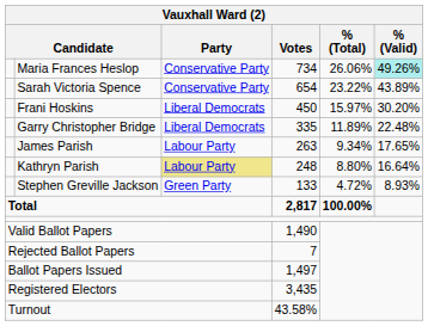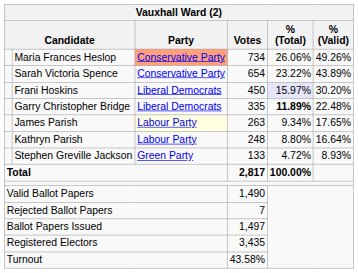 <table class="wikitable" border="1" style="text-align:right; font-size:100%">
 <tr>
 <th align=center colspan=6>Vauxhall Ward (2)</th>
 </tr>
 <tr>
 <th valign=bottom align=left colspan=2>Candidate</th>
 <th valign=bottom align=left>Party</th>
 <th valign=bottom align=center>Votes</th>
 <th align=center>%<br>(Total)</th>
 <th align=center>%<br>(Valid)</th>
 </tr>
 <tr>
 <td bgcolor=> </td>
 <td align=left>Maria Frances Heslop</td>
-<td align=left><a href='#'>Conservative Party</a></td>
+<td align=left style="background: lightsalmon;"><a href='#'>Conservative Party</a></td>
 <td>734</td>
 <td>26.06%</td>
-<td style="background: paleturquoise;">49.26%</td>
+<td>49.26%</td>
 </tr>
 <tr>
 <td bgcolor=> </td>
 <td align=left>Sarah Victoria Spence</td>
 <td align=left><a href='#'>Conservative Party</a></td>
 <td>654</td>
 <td>23.22%</td>
 <td>43.89%</td>
 </tr>
 <tr>
 <td bgcolor=> </td>
 <td align=left>Frani Hoskins</td>
 <td align=left><a href='#'>Liberal Democrats</a></td>
 <td>450</td>
-<td>15.97%</td>
+<td style="background: lavender;">15.97%</td>
 <td>30.20%</td>
 </tr>
 <tr>
 <td bgcolor=> </td>
 <td align=left>Garry Christopher Bridge</td>
 <td align=left><a href='#'>Liberal Democrats</a></td>
 <td>335</td>
-<td>11.89%</td>
+<td><strong>11.89%</strong></td>
 <td>22.48%</td>
 </tr>
 <tr>
 <td bgcolor=> </td>
 <td align=left>James Parish</td>
-<td align=left><a href='#'>Labour Party</a></td>
+<td align=left style="background: lightyellow;"><a href='#'>Labour Party</a></td>
 <td>263</td>
 <td>9.34%</td>
 <td>17.65%</td>
 </tr>
 <tr>
 <td bgcolor=> </td>
 <td align=left>Kathryn Parish</td>
-<td align=left style="background: khaki;"><a href='#'>Labour Party</a></td>
+<td align=left><a href='#'>Labour Party</a></td>
 <td>248</td>
 <td>8.80%</td>
 <td>16.64%</td>
 </tr>
 <tr>
 <td bgcolor=> </td>
 <td align=left>Stephen Greville Jackson</td>
 <td align=left><a href='#'>Green Party</a></td>
 <td>133</td>
 <td>4.72%</td>
 <td>8.93%</td>
 </tr>
 <tr>
 <td align=left colspan=3><strong>Total</strong></td>
 <td><strong>2,817</strong></td>
 <td><strong>100.00%</strong></td>
 <td></td>
 </tr>
 <tr>
 <td align=left colspan=6></td>
 </tr>
 <tr>
 <td align=left colspan=3>Valid Ballot Papers</td>
 <td>1,490</td>
 <td colspan=2 rowspan=5></td>
 </tr>
 <tr>
 <td align=left colspan=3>Rejected Ballot Papers</td>
 <td>7</td>
 </tr>
 <tr>
 <td align=left colspan=3>Ballot Papers Issued</td>
 <td>1,497</td>
 </tr>
 <tr>
 <td align=left colspan=3>Registered Electors</td>
 <td>3,435</td>
 </tr>
 <tr>
 <td align=left colspan=3>Turnout</td>
 <td>43.58%</td>
 </tr>
 </table>
